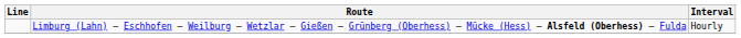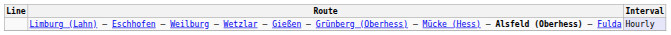 <table class="wikitable">
 <tr>
 <th>Line</th>
 <th>Route</th>
 <th>Interval</th>
 </tr>
 <tr>
 <td></td>
 <td><a href='#'>Limburg (Lahn)</a> – <a href='#'>Eschhofen</a> – <a href='#'>Weilburg</a> – <a href='#'>Wetzlar</a> – <a href='#'>Gießen</a> – <a href='#'>Grünberg (Oberhess)</a> – <a href='#'>Mücke (Hess)</a> – <strong>Alsfeld (Oberhess)</strong> – <a href='#'>Fulda</a></td>
-<td>Hourly</td>
+<td style="background: lavender;">Hourly</td>
 </tr>
 <tr>
 </tr>
 </table>
